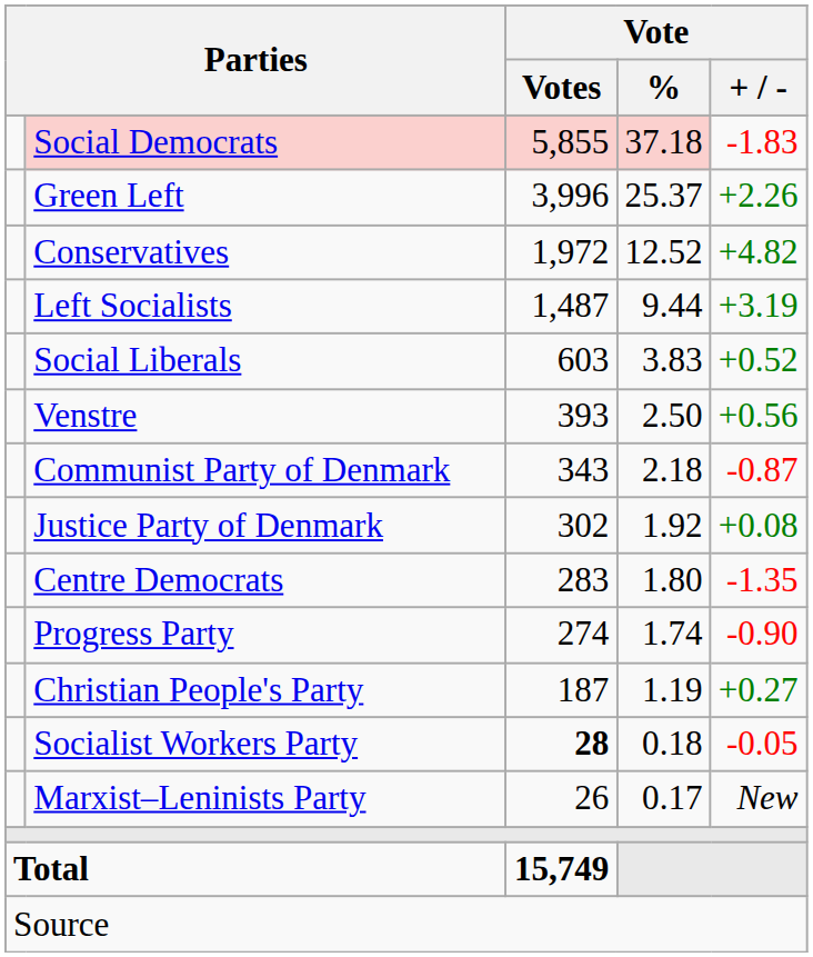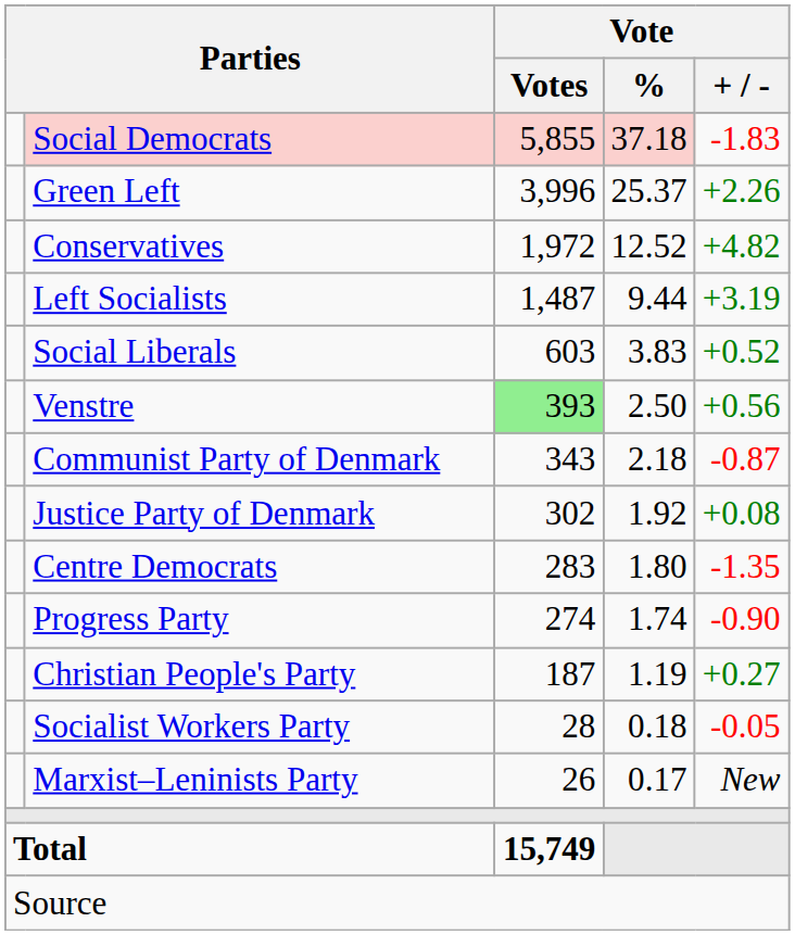 <table class="wikitable" style="text-align:right;">
 <tr>
 <th style="text-align:centre;" rowspan="2" colspan="2" width="225">Parties</th>
 <th colspan="3">Vote</th>
 </tr>
 <tr>
 <th width="15">Votes</th>
 <th width="15">%</th>
 <th width="15">+ / -</th>
 </tr>
 <tr>
 <td width="2" style="color:inherit;background:"></td>
 <td bgcolor=#fbd0ce  align="left"><a href='#'>Social Democrats</a></td>
 <td bgcolor=#fbd0ce>5,855</td>
 <td bgcolor=#fbd0ce>37.18</td>
 <td style=color:red;>-1.83</td>
 </tr>
 <tr>
 <td width="2" style="color:inherit;background:"></td>
 <td align="left"><a href='#'>Green Left</a></td>
 <td>3,996</td>
 <td>25.37</td>
 <td style=color:green;>+2.26</td>
 </tr>
 <tr>
 <td width="2" style="color:inherit;background:"></td>
 <td align="left"><a href='#'>Conservatives</a></td>
 <td>1,972</td>
 <td>12.52</td>
 <td style=color:green;>+4.82</td>
 </tr>
 <tr>
 <td width="2" style="color:inherit;background:"></td>
 <td align="left"><a href='#'>Left Socialists</a></td>
 <td>1,487</td>
 <td>9.44</td>
 <td style=color:green;>+3.19</td>
 </tr>
 <tr>
 <td width="2" style="color:inherit;background:"></td>
 <td align="left"><a href='#'>Social Liberals</a></td>
 <td>603</td>
 <td>3.83</td>
 <td style=color:green;>+0.52</td>
 </tr>
 <tr>
 <td width="2" style="color:inherit;background:"></td>
 <td align="left"><a href='#'>Venstre</a></td>
-<td>393</td>
+<td style="background: lightgreen;">393</td>
 <td>2.50</td>
 <td style=color:green;>+0.56</td>
 </tr>
 <tr>
 <td width="2" style="color:inherit;background:"></td>
 <td align="left"><a href='#'>Communist Party of Denmark</a></td>
 <td>343</td>
 <td>2.18</td>
 <td style=color:red;>-0.87</td>
 </tr>
 <tr>
 <td width="2" style="color:inherit;background:"></td>
 <td align="left"><a href='#'>Justice Party of Denmark</a></td>
 <td>302</td>
 <td>1.92</td>
 <td style=color:green;>+0.08</td>
 </tr>
 <tr>
 <td width="2" style="color:inherit;background:"></td>
 <td align="left"><a href='#'>Centre Democrats</a></td>
 <td>283</td>
 <td>1.80</td>
 <td style=color:red;>-1.35</td>
 </tr>
 <tr>
 <td width="2" style="color:inherit;background:"></td>
 <td align="left"><a href='#'>Progress Party</a></td>
 <td>274</td>
 <td>1.74</td>
 <td style=color:red;>-0.90</td>
 </tr>
 <tr>
 <td width="2" style="color:inherit;background:"></td>
 <td align="left"><a href='#'>Christian People's Party</a></td>
 <td>187</td>
 <td>1.19</td>
 <td style=color:green;>+0.27</td>
 </tr>
 <tr>
 <td width="2" style="color:inherit;background:"></td>
 <td align="left"><a href='#'>Socialist Workers Party</a></td>
-<td><strong>28</strong></td>
+<td>28</td>
 <td>0.18</td>
 <td style=color:red;>-0.05</td>
 </tr>
 <tr>
 <td width="2" style="color:inherit;background:"></td>
 <td align="left"><a href='#'>Marxist–Leninists Party</a></td>
 <td>26</td>
 <td>0.17</td>
 <td><em>New</em></td>
 </tr>
 <tr>
 <td colspan="7" bgcolor="#E9E9E9"></td>
 </tr>
 <tr>
 <td align="left" colspan="2"><strong>Total</strong></td>
 <td><strong>15,749</strong></td>
 <td bgcolor="#E9E9E9" colspan="2"></td>
 </tr>
 <tr>
 <td align="left" colspan="6">Source</td>
 </tr>
 </table>
